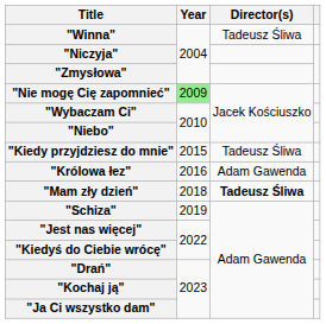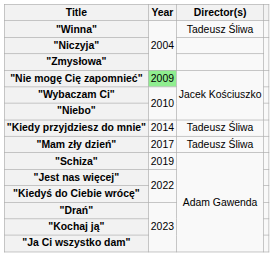 <table class="wikitable plainrowheaders" style="text-align:center;">
 <tr>
 <th scope="col">Title</th>
 <th scope="col">Year</th>
 <th scope="col">Director(s)</th>
 <th scope="col"></th>
 </tr>
 <tr>
 <th scope="row">"Winna"</th>
 <td rowspan="3">2004</td>
 <td>Tadeusz Śliwa</td>
 <td></td>
 </tr>
 <tr>
 <th scope="row">"Niczyja"</th>
 <td></td>
 </tr>
 <tr>
 <th scope="row">"Zmysłowa"</th>
 <td></td>
 </tr>
 <tr>
 <th scope="row">"Nie mogę Cię zapomnieć"</th>
 <td style="background: lightgreen;">2009</td>
 <td rowspan="3">Jacek Kościuszko</td>
 <td></td>
 </tr>
 <tr>
 <th scope="row">"Wybaczam Ci"</th>
 <td rowspan="2">2010</td>
 <td></td>
 </tr>
 <tr>
 <th scope="row">"Niebo"</th>
 <td></td>
 </tr>
 <tr>
 <th scope="row">"Kiedy przyjdziesz do mnie"</th>
-<td>2015</td>
+<td>2014</td>
 <td>Tadeusz Śliwa</td>
 <td></td>
 </tr>
 <tr>
-<th scope="row">"Królowa łez"</th>
-<td>2016</td>
-<td>Adam Gawenda</td>
-<td></td>
-</tr>
-<tr>
 <th scope="row">"Mam zły dzień"</th>
-<td>2018</td>
-<td><strong>Tadeusz Śliwa</strong></td>
+<td>2017</td>
+<td>Tadeusz Śliwa</td>
 <td></td>
 </tr>
 <tr>
 <th scope="row">"Schiza"</th>
 <td>2019</td>
 <td rowspan="6">Adam Gawenda</td>
 <td></td>
 </tr>
 <tr>
 <th scope="row">"Jest nas więcej"</th>
 <td rowspan="2">2022</td>
 <td></td>
 </tr>
 <tr>
 <th scope="row">"Kiedyś do Ciebie wrócę"</th>
 <td></td>
 </tr>
 <tr>
 <th scope="row">"Drań"</th>
 <td rowspan="3">2023</td>
 <td></td>
 </tr>
 <tr>
 <th scope="row">"Kochaj ją"</th>
 <td></td>
 </tr>
 <tr>
 <th scope="row">"Ja Ci wszystko dam"</th>
 <td></td>
 </tr>
 </table>
